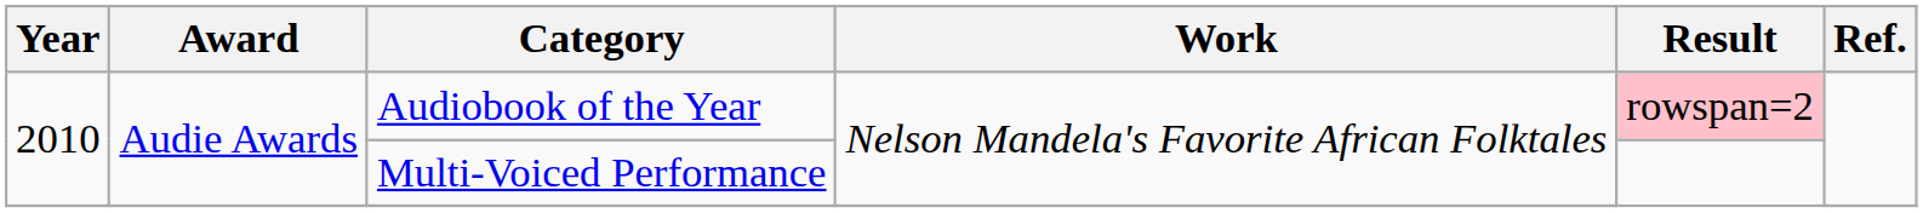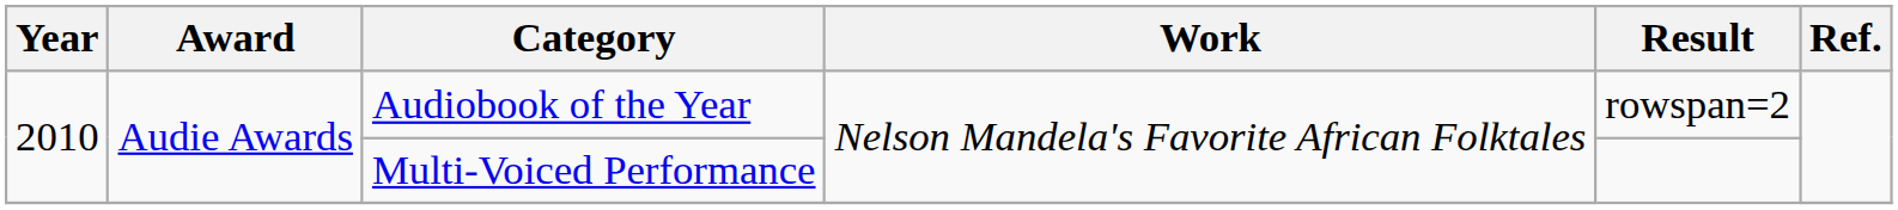 <table class="wikitable">
 <tr>
 <th>Year</th>
 <th>Award</th>
 <th>Category</th>
 <th>Work</th>
 <th>Result</th>
 <th>Ref.</th>
 </tr>
 <tr>
 <td rowspan=2>2010</td>
 <td rowspan="2"><a href='#'>Audie Awards</a></td>
 <td><a href='#'>Audiobook of the Year</a></td>
 <td rowspan=2><em>Nelson Mandela's Favorite African Folktales</em></td>
-<td style="background: pink;">rowspan=2 </td>
+<td>rowspan=2 </td>
 <td rowspan=2></td>
 </tr>
 <tr>
 <td><a href='#'>Multi-Voiced Performance</a></td>
 </tr>
 <tr>
 </tr>
 </table>
